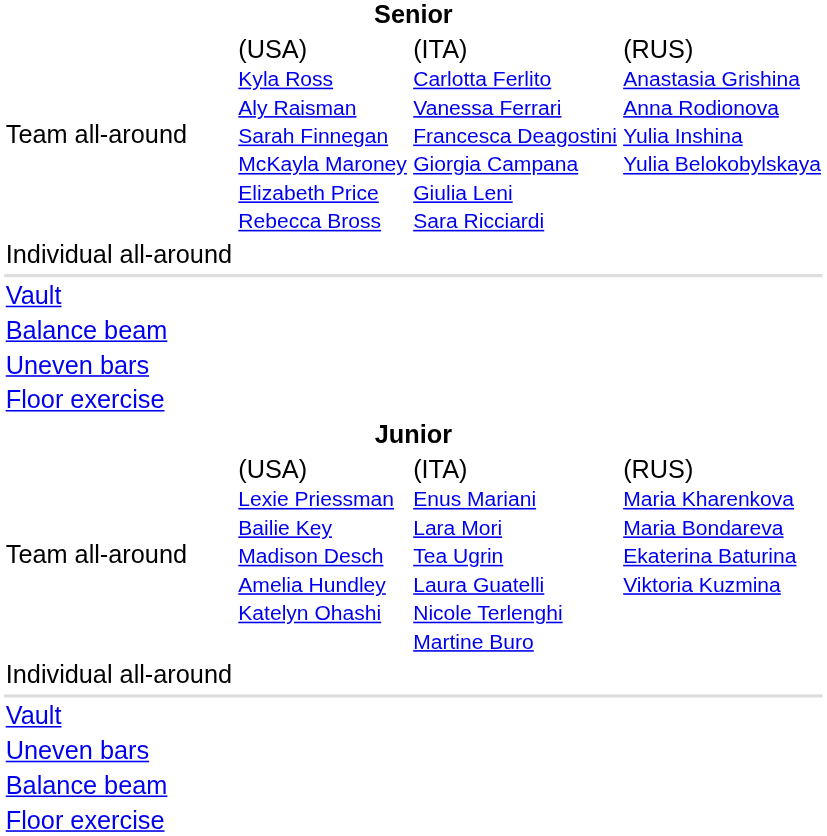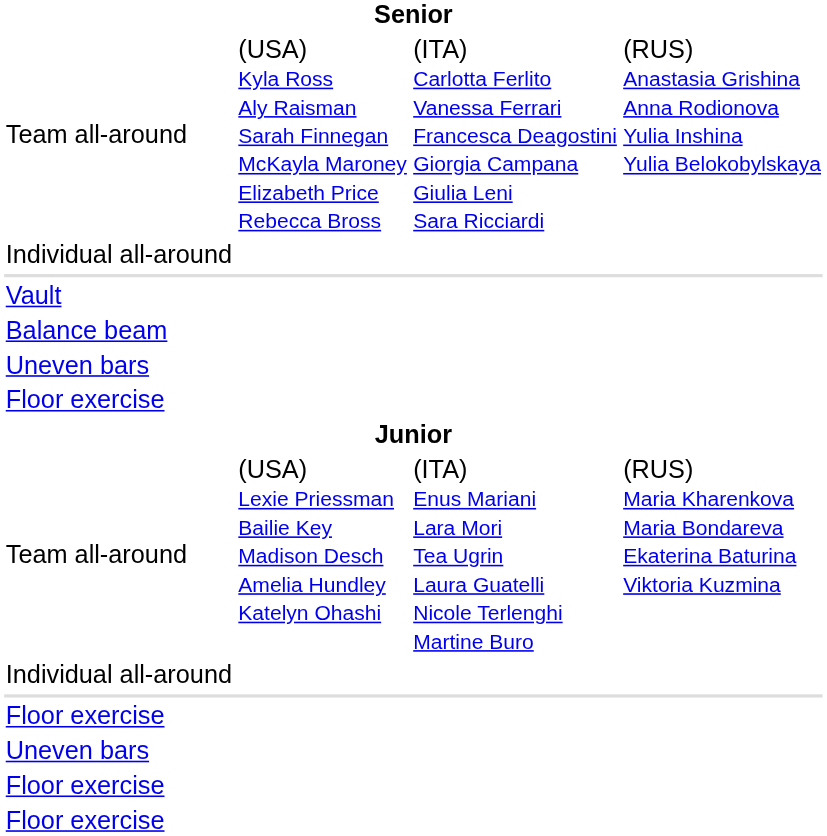 <table>
 <tr>
 <th colspan="4">Senior</th>
 </tr>
 <tr>
 <td>Team all-around</td>
 <td> (USA) <br><small><a href='#'>Kyla Ross</a><br><a href='#'>Aly Raisman</a><br><a href='#'>Sarah Finnegan</a><br><a href='#'>McKayla Maroney</a><br><a href='#'>Elizabeth Price</a><br><a href='#'>Rebecca Bross</a></small></td>
 <td> (ITA) <br><small><a href='#'>Carlotta Ferlito</a><br><a href='#'>Vanessa Ferrari</a><br><a href='#'>Francesca Deagostini</a><br><a href='#'>Giorgia Campana</a><br><a href='#'>Giulia Leni</a><br><a href='#'>Sara Ricciardi</a></small></td>
 <td> (RUS) <br><small><a href='#'>Anastasia Grishina</a><br><a href='#'>Anna Rodionova</a><br><a href='#'>Yulia Inshina</a><br><a href='#'>Yulia Belokobylskaya</a><br><br><br></small></td>
 </tr>
 <tr>
 <td>Individual all-around</td>
 <td></td>
 <td></td>
 <td></td>
 </tr>
 <tr bgcolor=#DDDDDD>
 <td colspan=7></td>
 </tr>
 <tr>
 <td><a href='#'>Vault</a></td>
 <td></td>
 <td></td>
 <td></td>
 </tr>
 <tr>
 <td><a href='#'>Balance beam</a></td>
 <td></td>
 <td></td>
 <td></td>
 </tr>
 <tr>
 <td><a href='#'>Uneven bars</a></td>
 <td></td>
 <td></td>
 <td></td>
 </tr>
 <tr>
 <td><a href='#'>Floor exercise</a></td>
 <td></td>
 <td></td>
 <td></td>
 </tr>
 <tr>
 <th colspan="4">Junior</th>
 </tr>
 <tr>
 <td>Team all-around</td>
 <td> (USA) <br><small><a href='#'>Lexie Priessman</a><br><a href='#'>Bailie Key</a><br><a href='#'>Madison Desch</a><br><a href='#'>Amelia Hundley</a><br><a href='#'>Katelyn Ohashi</a><br><br></small></td>
 <td> (ITA) <br><small><a href='#'>Enus Mariani</a><br><a href='#'>Lara Mori</a><br><a href='#'>Tea Ugrin</a><br><a href='#'>Laura Guatelli</a><br><a href='#'>Nicole Terlenghi</a><br><a href='#'>Martine Buro</a></small></td>
 <td> (RUS) <br><small><a href='#'>Maria Kharenkova</a><br><a href='#'>Maria Bondareva</a><br><a href='#'>Ekaterina Baturina</a><br><a href='#'>Viktoria Kuzmina</a><br><br><br></small></td>
 </tr>
 <tr>
 <td>Individual all-around</td>
 <td></td>
 <td></td>
 <td><br></td>
 </tr>
 <tr bgcolor=#DDDDDD>
 <td colspan=7></td>
 </tr>
 <tr>
-<td><a href='#'>Vault</a></td>
+<td><a href='#'>Floor exercise</a></td>
 <td></td>
 <td></td>
 <td></td>
 </tr>
 <tr>
 <td><a href='#'>Uneven bars</a></td>
 <td></td>
 <td></td>
 <td></td>
 </tr>
 <tr>
-<td><a href='#'>Balance beam</a></td>
+<td><a href='#'>Floor exercise</a></td>
 <td></td>
 <td></td>
 <td></td>
 </tr>
 <tr>
 <td><a href='#'>Floor exercise</a></td>
 <td></td>
 <td></td>
 <td></td>
 </tr>
 </table>
